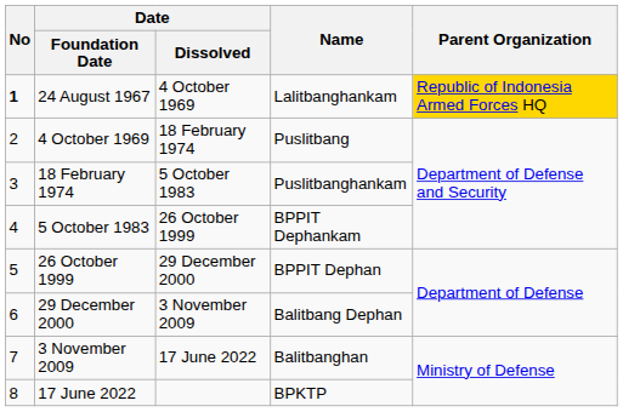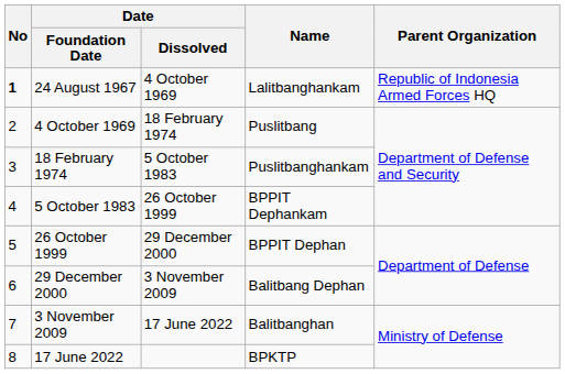 <table class="wikitable">
 <tr>
 <th rowspan="2">No</th>
 <th colspan="2">Date</th>
 <th rowspan="2">Name</th>
 <th rowspan="2">Parent Organization</th>
 </tr>
 <tr>
 <th>Foundation Date</th>
 <th>Dissolved</th>
 </tr>
 <tr>
 <td><strong>1</strong></td>
 <td>24 August 1967</td>
 <td>4 October 1969</td>
 <td>Lalitbanghankam</td>
-<td style="background: gold;"><a href='#'>Republic of Indonesia Armed Forces</a> HQ</td>
+<td><a href='#'>Republic of Indonesia Armed Forces</a> HQ</td>
 </tr>
 <tr>
 <td>2</td>
 <td>4 October 1969</td>
 <td>18 February 1974</td>
 <td>Puslitbang</td>
 <td rowspan="3"><a href='#'>Department of Defense and Security</a></td>
 </tr>
 <tr>
 <td>3</td>
 <td>18 February 1974</td>
 <td>5 October 1983</td>
 <td>Puslitbanghankam</td>
 </tr>
 <tr>
 <td>4</td>
 <td>5 October 1983</td>
 <td>26 October 1999</td>
 <td>BPPIT Dephankam</td>
 </tr>
 <tr>
 <td>5</td>
 <td>26 October 1999</td>
 <td>29 December 2000</td>
 <td>BPPIT Dephan</td>
 <td rowspan="2"><a href='#'>Department of Defense</a></td>
 </tr>
 <tr>
 <td>6</td>
 <td>29 December 2000</td>
 <td>3 November 2009</td>
 <td>Balitbang Dephan</td>
 </tr>
 <tr>
 <td>7</td>
 <td>3 November 2009</td>
 <td>17 June 2022</td>
 <td>Balitbanghan</td>
 <td rowspan="2"><a href='#'>Ministry of Defense</a></td>
 </tr>
 <tr>
 <td>8</td>
 <td>17 June 2022</td>
 <td></td>
 <td>BPKTP</td>
 </tr>
 </table>
